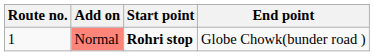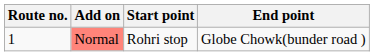 <table class="wikitable">
 <tr>
 <th>Route no.</th>
 <th>Add on</th>
 <th>Start point</th>
 <th>End point</th>
 </tr>
 <tr>
 <td rowspan="2">1</td>
 <td style="background:#ff847a">Normal</td>
-<td><strong>Rohri stop</strong></td>
+<td>Rohri stop</td>
 <td>Globe Chowk(bunder road )</td>
 </tr>
 </table>
